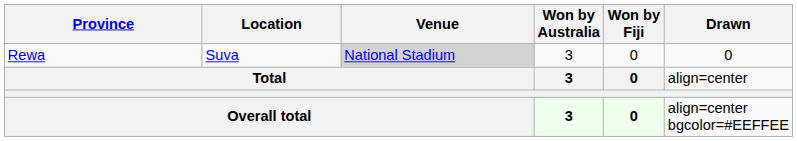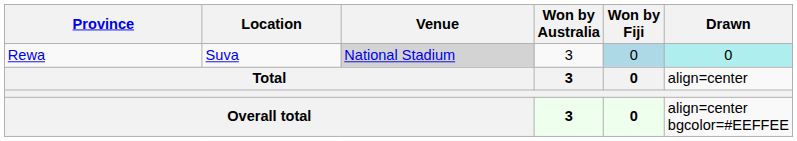 <table class="wikitable">
 <tr>
 <th width=210px><a href='#'>Province</a></th>
 <th width=145px>Location</th>
 <th width=205px>Venue</th>
 <th width=60px>Won by<br>Australia</th>
 <th width=60px>Won by<br>Fiji</th>
 <th width=60px>Drawn</th>
 </tr>
 <tr>
 <td><a href='#'>Rewa</a></td>
 <td><a href='#'>Suva</a></td>
 <td style="background: lightgrey;"><a href='#'>National Stadium</a></td>
 <td align=center>3</td>
-<td align=center>0</td>
-<td align=center>0</td>
+<td align=center style="background: lightblue;">0</td>
+<td align=center style="background: paleturquoise;">0</td>
 </tr>
 <tr>
 <th align=center colspan=3>Total</th>
 <th align=center>3</th>
 <th align=center>0</th>
 <td>align=center </td>
 </tr>
 <tr>
 <th colspan=6></th>
 </tr>
 <tr>
 <th align=center colspan=3>Overall total</th>
 <td align=center bgcolor=#EEFFEE><strong>3</strong></td>
 <td align=center bgcolor=#EEFFEE><strong>0</strong></td>
 <td>align=center bgcolor=#EEFFEE </td>
 </tr>
 </table>
